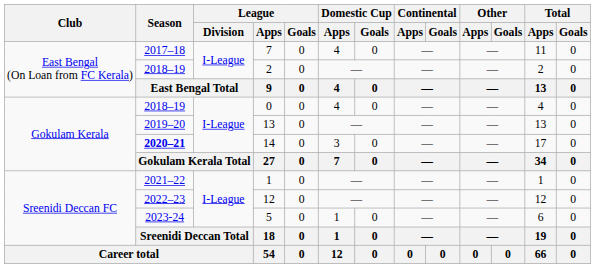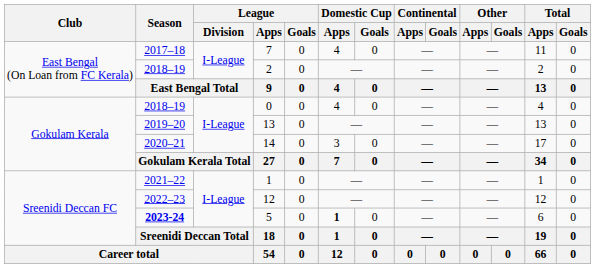 <table class="wikitable" style="text-align: center;">
 <tr>
 <th rowspan="2">Club</th>
 <th rowspan="2">Season</th>
 <th colspan="3">League</th>
 <th colspan="2">Domestic Cup</th>
 <th colspan="2">Continental</th>
 <th colspan="2">Other</th>
 <th colspan="2">Total</th>
 </tr>
 <tr>
 <th>Division</th>
 <th>Apps</th>
 <th>Goals</th>
 <th>Apps</th>
 <th>Goals</th>
 <th>Apps</th>
 <th>Goals</th>
 <th>Apps</th>
 <th>Goals</th>
 <th>Apps</th>
 <th>Goals</th>
 </tr>
 <tr>
 <td rowspan="3"><a href='#'>East Bengal</a><br>(On Loan from <a href='#'>FC Kerala</a>)</td>
 <td><a href='#'>2017–18</a></td>
 <td rowspan="2"><a href='#'>I-League</a></td>
 <td>7</td>
 <td>0</td>
 <td>4</td>
 <td>0</td>
 <td colspan="2">—</td>
 <td colspan="2">—</td>
 <td>11</td>
 <td>0</td>
 </tr>
 <tr>
 <td><a href='#'>2018–19</a></td>
 <td>2</td>
 <td>0</td>
 <td colspan="2">—</td>
 <td colspan="2">—</td>
 <td colspan="2">—</td>
 <td>2</td>
 <td>0</td>
 </tr>
 <tr>
 <th colspan="2">East Bengal Total</th>
 <th>9</th>
 <th>0</th>
 <th>4</th>
 <th>0</th>
 <th colspan="2">—</th>
 <th colspan="2">—</th>
 <th>13</th>
 <th>0</th>
 </tr>
 <tr>
 <td rowspan="4"><a href='#'>Gokulam Kerala</a></td>
 <td><a href='#'>2018–19</a></td>
 <td rowspan="3"><a href='#'>I-League</a></td>
 <td>0</td>
 <td>0</td>
 <td>4</td>
 <td>0</td>
 <td colspan="2">—</td>
 <td colspan="2">—</td>
 <td>4</td>
 <td>0</td>
 </tr>
 <tr>
 <td><a href='#'>2019–20</a></td>
 <td>13</td>
 <td>0</td>
 <td colspan="2">—</td>
 <td colspan="2">—</td>
 <td colspan="2">—</td>
 <td>13</td>
 <td>0</td>
 </tr>
 <tr>
-<td><strong><a href='#'>2020–21</a></strong></td>
+<td><a href='#'>2020–21</a></td>
 <td>14</td>
 <td>0</td>
 <td>3</td>
 <td>0</td>
 <td colspan="2">—</td>
 <td colspan="2">—</td>
 <td>17</td>
 <td>0</td>
 </tr>
 <tr>
 <th colspan="2">Gokulam Kerala Total</th>
 <th>27</th>
 <th>0</th>
 <th>7</th>
 <th>0</th>
 <th colspan="2">—</th>
 <th colspan="2">—</th>
 <th>34</th>
 <th>0</th>
 </tr>
 <tr>
 <td rowspan="4"><a href='#'>Sreenidi Deccan FC</a></td>
 <td><a href='#'>2021–22</a></td>
 <td rowspan="3"><a href='#'>I-League</a></td>
 <td>1</td>
 <td>0</td>
 <td colspan="2">—</td>
 <td colspan="2">—</td>
 <td colspan="2">—</td>
 <td>1</td>
 <td>0</td>
 </tr>
 <tr>
 <td><a href='#'>2022–23</a></td>
 <td>12</td>
 <td>0</td>
 <td colspan="2">—</td>
 <td colspan="2">—</td>
 <td colspan="2">—</td>
 <td>12</td>
 <td>0</td>
 </tr>
 <tr>
-<td><a href='#'>2023-24</a></td>
+<td><strong><a href='#'>2023-24</a></strong></td>
 <td>5</td>
 <td>0</td>
-<td>1</td>
+<td><strong>1</strong></td>
 <td>0</td>
 <td colspan="2">—</td>
 <td colspan="2">—</td>
 <td>6</td>
 <td>0</td>
 </tr>
 <tr>
 <th colspan="2">Sreenidi Deccan Total</th>
 <th>18</th>
 <th>0</th>
 <th>1</th>
 <th>0</th>
 <th colspan="2">—</th>
 <th colspan="2">—</th>
 <th>19</th>
 <th>0</th>
 </tr>
 <tr>
 <th colspan="3">Career total</th>
 <th>54</th>
 <th>0</th>
 <th>12</th>
 <th>0</th>
 <th>0</th>
 <th>0</th>
 <th>0</th>
 <th>0</th>
 <th>66</th>
 <th>0</th>
 </tr>
 </table>
